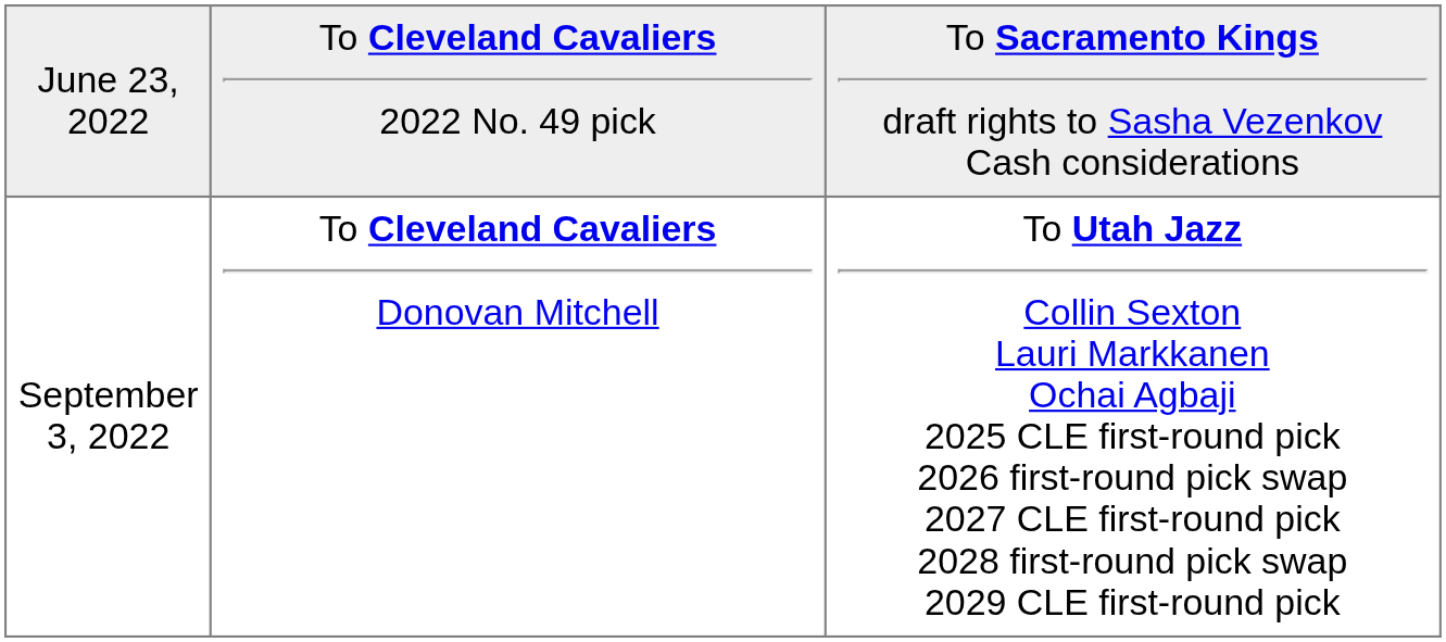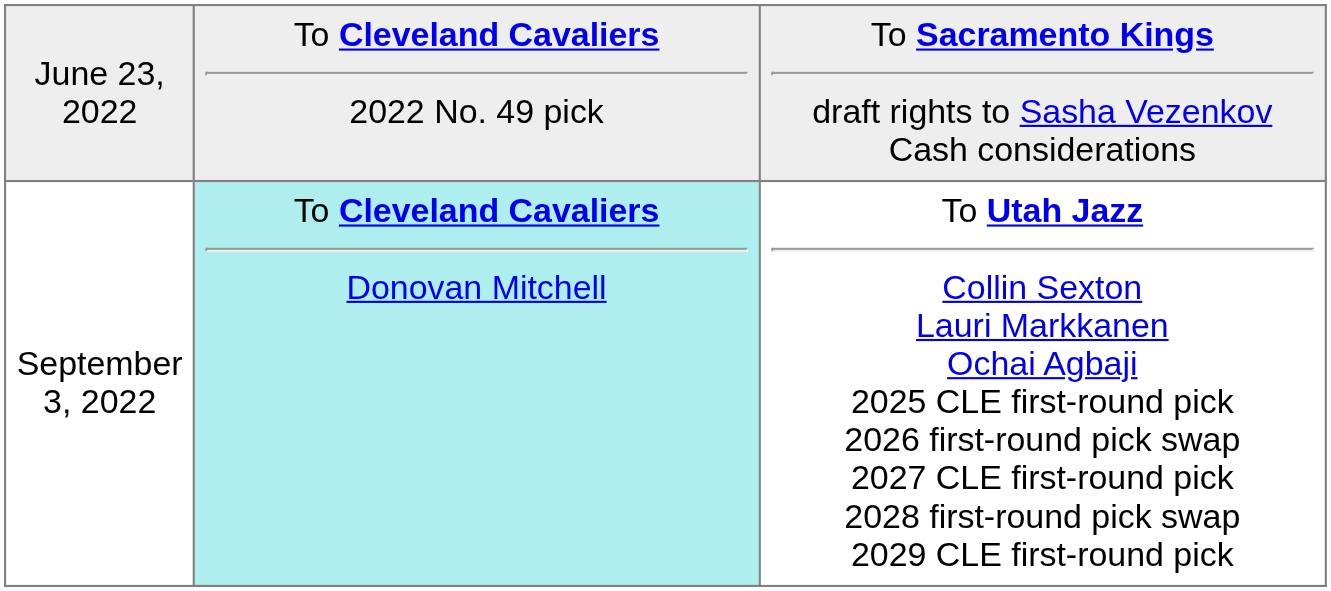 <table border="1" style="border-collapse:collapse; text-align:center; width:100%;"  cellpadding="5">
 <tr style="background:#eee;">
 <td style="width:12%">June 23, 2022</td>
 <td style="width:44%; vertical-align:top;">To <strong><a href='#'>Cleveland Cavaliers</a></strong><hr>2022 No. 49 pick</td>
 <td style="width:44%; vertical-align:top;">To <strong><a href='#'>Sacramento Kings</a></strong><hr>draft rights to <a href='#'>Sasha Vezenkov</a> <br>Cash considerations</td>
 </tr>
 <tr>
 <td style="width:12%">September 3, 2022</td>
-<td style="width:44%; vertical-align:top;">To <strong><a href='#'>Cleveland Cavaliers</a></strong><hr><a href='#'>Donovan Mitchell</a></td>
+<td style="background: paleturquoise; width:44%; vertical-align:top;">To <strong><a href='#'>Cleveland Cavaliers</a></strong><hr><a href='#'>Donovan Mitchell</a></td>
 <td style="width:44%; vertical-align:top;">To <strong><a href='#'>Utah Jazz</a></strong><hr><a href='#'>Collin Sexton</a><br><a href='#'>Lauri Markkanen</a><br><a href='#'>Ochai Agbaji</a><br>2025 CLE first-round pick<br>2026 first-round pick swap<br>2027 CLE first-round pick<br>2028 first-round pick swap<br>2029 CLE first-round pick</td>
 </tr>
 </table>
